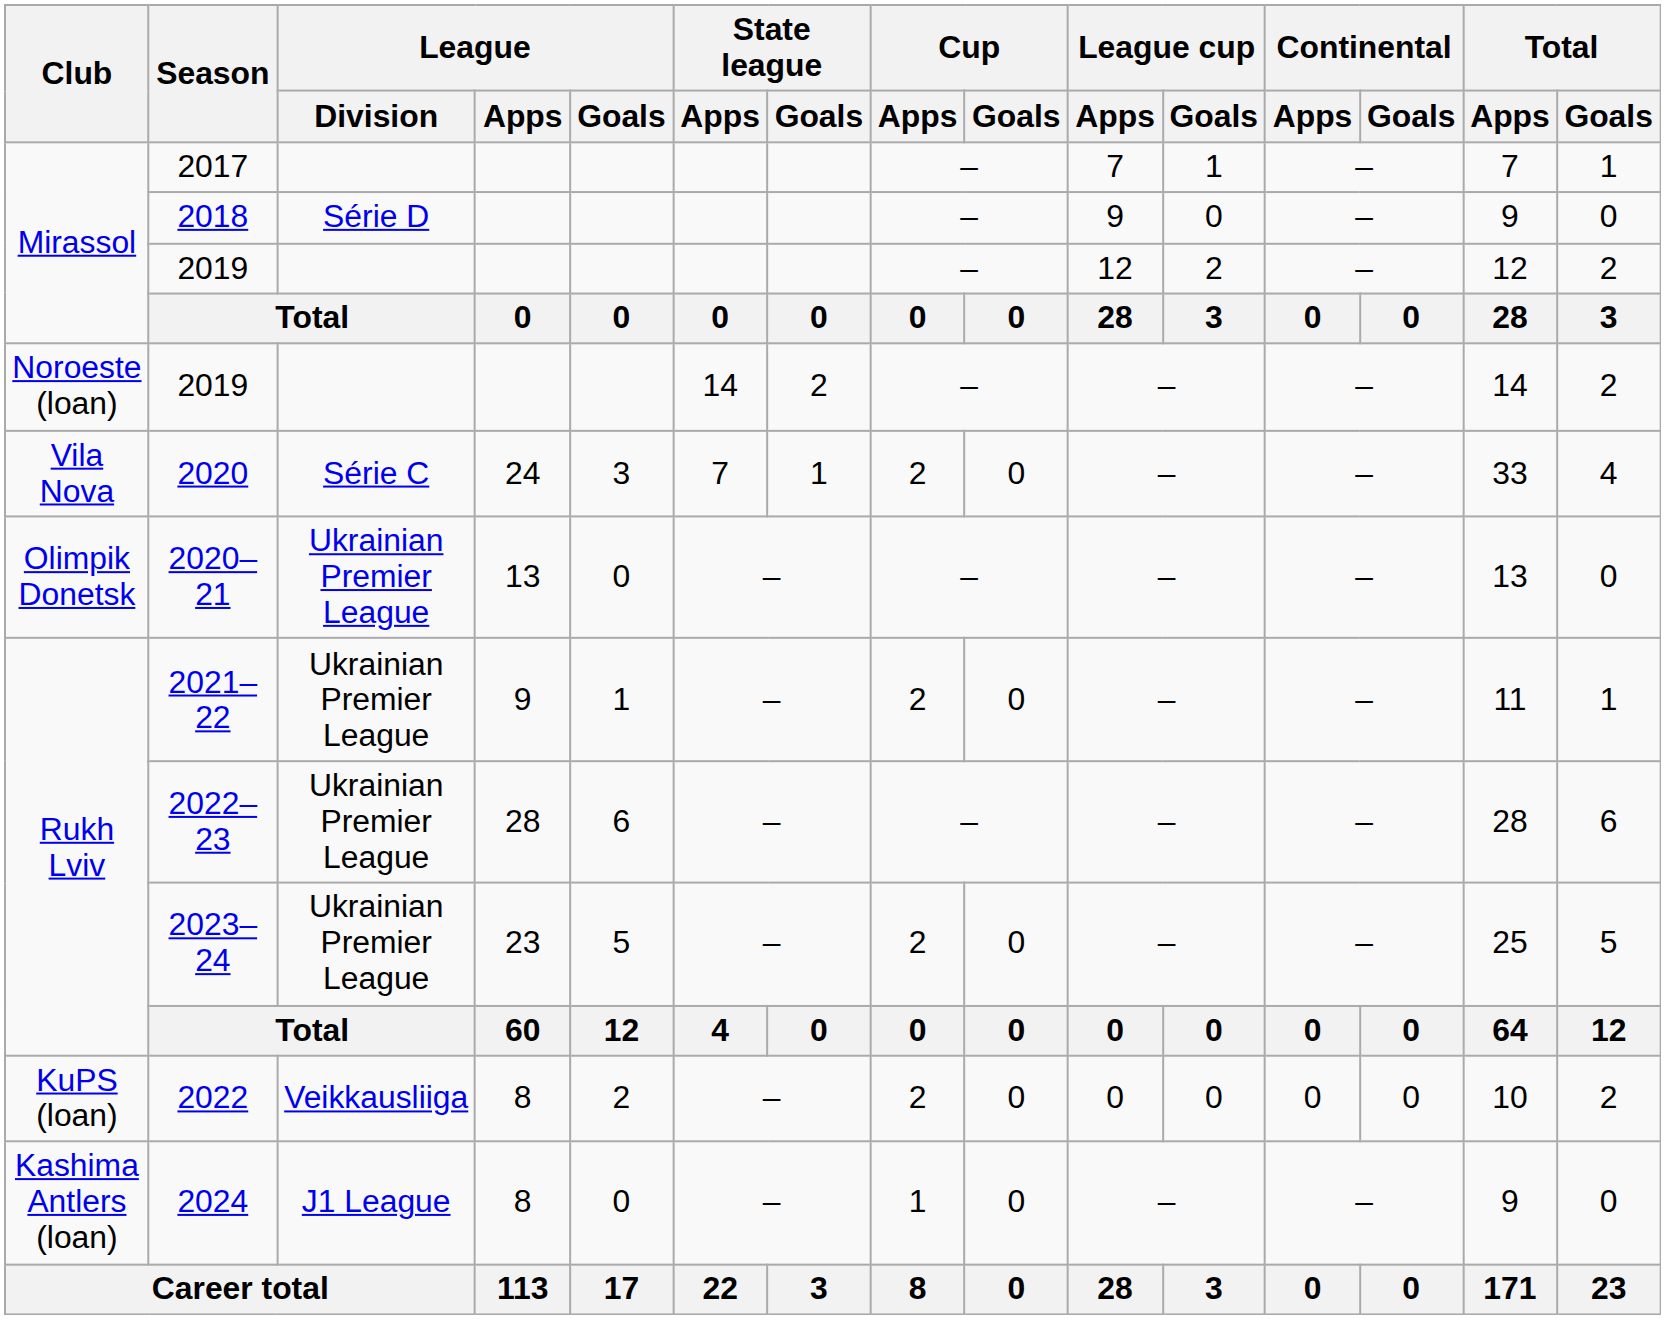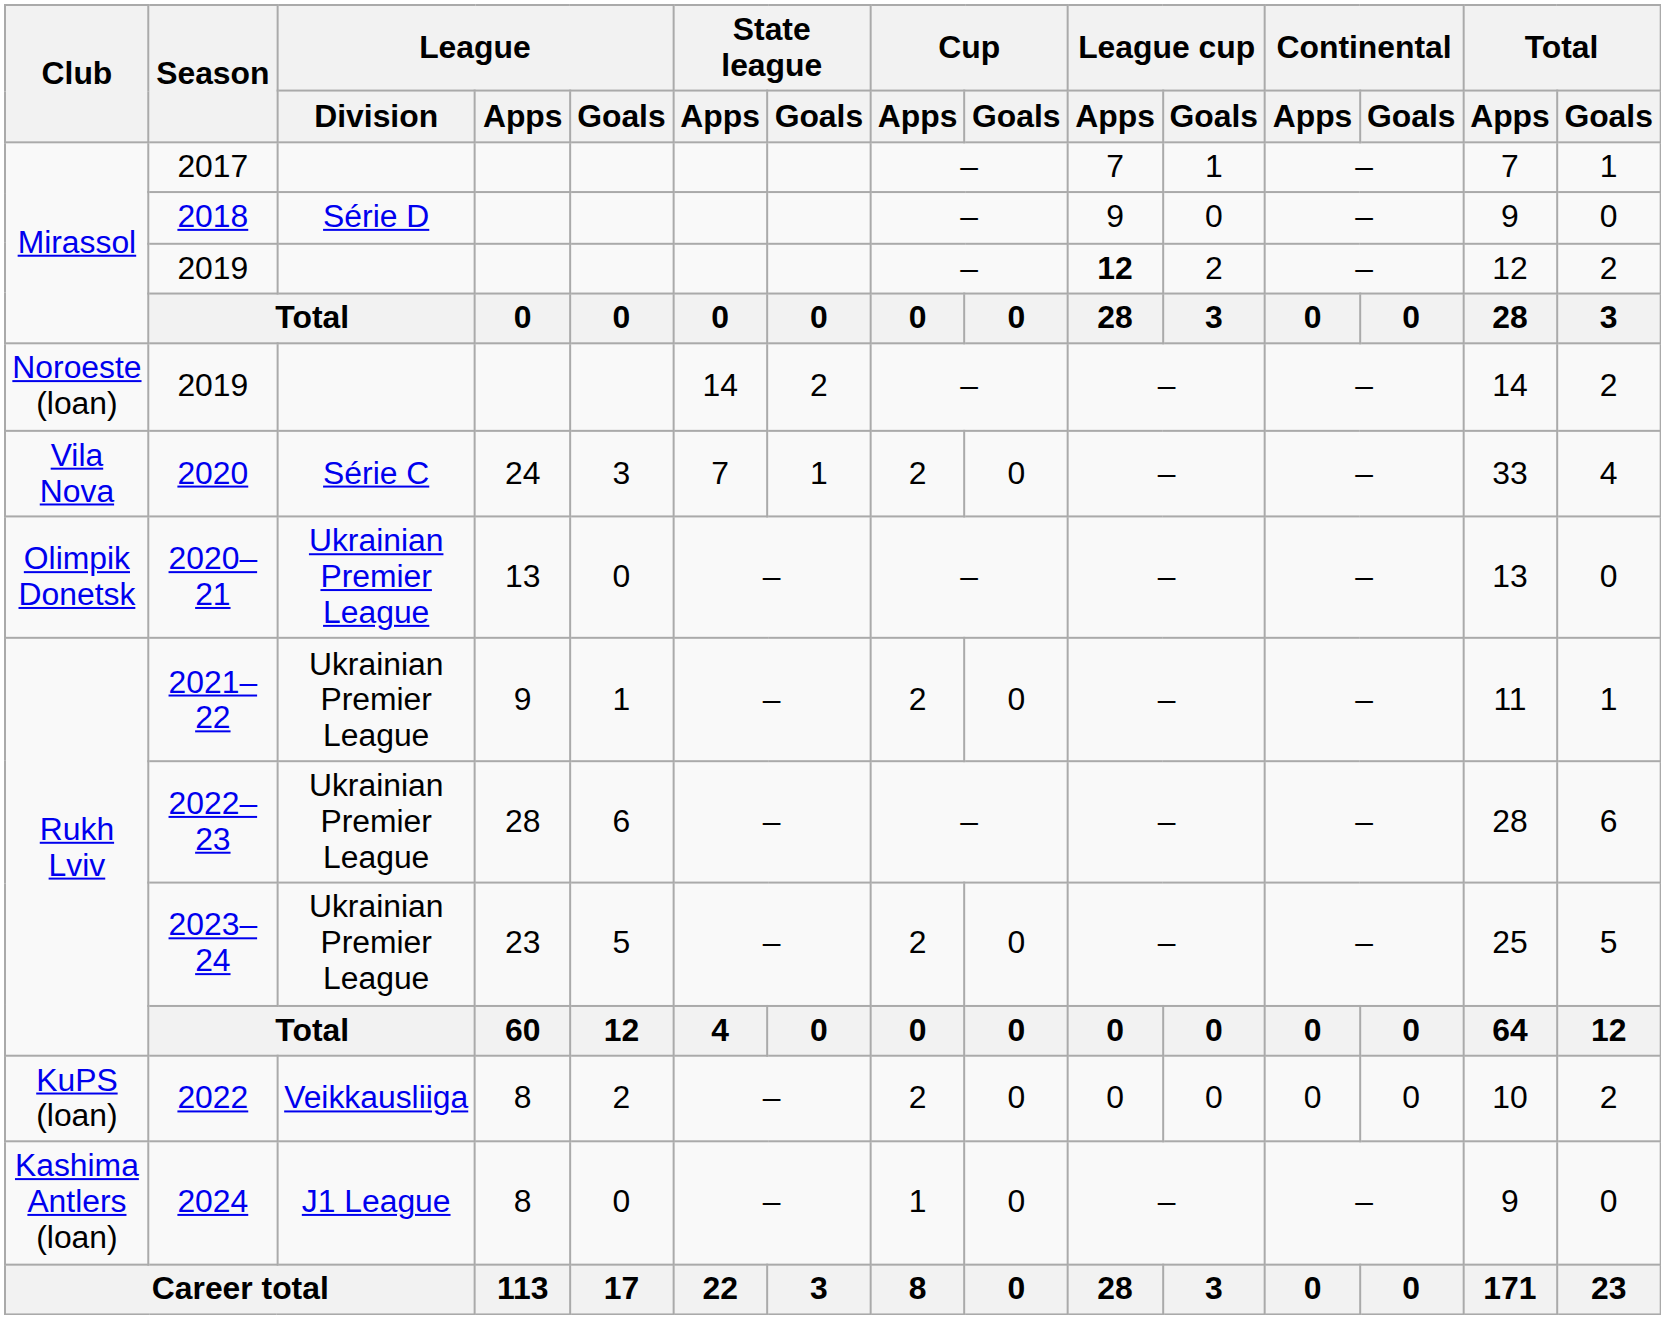 <table class="wikitable" style="text-align:center">
 <tr>
 <th rowspan="2">Club</th>
 <th rowspan="2">Season</th>
 <th colspan="3">League</th>
 <th colspan="2">State league</th>
 <th colspan="2">Cup</th>
 <th colspan="2">League cup</th>
 <th colspan="2">Continental</th>
 <th colspan="2">Total</th>
 </tr>
 <tr>
 <th>Division</th>
 <th>Apps</th>
 <th>Goals</th>
 <th>Apps</th>
 <th>Goals</th>
 <th>Apps</th>
 <th>Goals</th>
 <th>Apps</th>
 <th>Goals</th>
 <th>Apps</th>
 <th>Goals</th>
 <th>Apps</th>
 <th>Goals</th>
 </tr>
 <tr>
 <td rowspan="4"><a href='#'>Mirassol</a></td>
 <td>2017</td>
 <td></td>
 <td></td>
 <td></td>
 <td></td>
 <td></td>
 <td colspan="2">–</td>
 <td>7</td>
 <td>1</td>
 <td colspan="2">–</td>
 <td>7</td>
 <td>1</td>
 </tr>
 <tr>
 <td><a href='#'>2018</a></td>
 <td><a href='#'>Série D</a></td>
 <td></td>
 <td></td>
 <td></td>
 <td></td>
 <td colspan="2">–</td>
 <td>9</td>
 <td>0</td>
 <td colspan="2">–</td>
 <td>9</td>
 <td>0</td>
 </tr>
 <tr>
 <td>2019</td>
 <td></td>
 <td></td>
 <td></td>
 <td></td>
 <td></td>
 <td colspan="2">–</td>
-<td>12</td>
+<td><strong>12</strong></td>
 <td>2</td>
 <td colspan="2">–</td>
 <td>12</td>
 <td>2</td>
 </tr>
 <tr>
 <th colspan="2">Total</th>
 <th>0</th>
 <th>0</th>
 <th>0</th>
 <th>0</th>
 <th>0</th>
 <th>0</th>
 <th>28</th>
 <th>3</th>
 <th>0</th>
 <th>0</th>
 <th>28</th>
 <th>3</th>
 </tr>
 <tr>
 <td><a href='#'>Noroeste</a> (loan)</td>
 <td>2019</td>
 <td></td>
 <td></td>
 <td></td>
 <td>14</td>
 <td>2</td>
 <td colspan="2">–</td>
 <td colspan="2">–</td>
 <td colspan="2">–</td>
 <td>14</td>
 <td>2</td>
 </tr>
 <tr>
 <td><a href='#'>Vila Nova</a></td>
 <td><a href='#'>2020</a></td>
 <td><a href='#'>Série C</a></td>
 <td>24</td>
 <td>3</td>
 <td>7</td>
 <td>1</td>
 <td>2</td>
 <td>0</td>
 <td colspan="2">–</td>
 <td colspan="2">–</td>
 <td>33</td>
 <td>4</td>
 </tr>
 <tr>
 <td><a href='#'>Olimpik Donetsk</a></td>
 <td><a href='#'>2020–21</a></td>
 <td><a href='#'>Ukrainian Premier League</a></td>
 <td>13</td>
 <td>0</td>
 <td colspan="2">–</td>
 <td colspan="2">–</td>
 <td colspan="2">–</td>
 <td colspan="2">–</td>
 <td>13</td>
 <td>0</td>
 </tr>
 <tr>
 <td rowspan="4"><a href='#'>Rukh Lviv</a></td>
 <td><a href='#'>2021–22</a></td>
 <td>Ukrainian Premier League</td>
 <td>9</td>
 <td>1</td>
 <td colspan="2">–</td>
 <td>2</td>
 <td>0</td>
 <td colspan="2">–</td>
 <td colspan="2">–</td>
 <td>11</td>
 <td>1</td>
 </tr>
 <tr>
 <td><a href='#'>2022–23</a></td>
 <td>Ukrainian Premier League</td>
 <td>28</td>
 <td>6</td>
 <td colspan="2">–</td>
 <td colspan="2">–</td>
 <td colspan="2">–</td>
 <td colspan="2">–</td>
 <td>28</td>
 <td>6</td>
 </tr>
 <tr>
 <td><a href='#'>2023–24</a></td>
 <td>Ukrainian Premier League</td>
 <td>23</td>
 <td>5</td>
 <td colspan="2">–</td>
 <td>2</td>
 <td>0</td>
 <td colspan="2">–</td>
 <td colspan="2">–</td>
 <td>25</td>
 <td>5</td>
 </tr>
 <tr>
 <th colspan="2">Total</th>
 <th>60</th>
 <th>12</th>
 <th>4</th>
 <th>0</th>
 <th>0</th>
 <th>0</th>
 <th>0</th>
 <th>0</th>
 <th>0</th>
 <th>0</th>
 <th>64</th>
 <th>12</th>
 </tr>
 <tr>
 <td><a href='#'>KuPS</a> (loan)</td>
 <td><a href='#'>2022</a></td>
 <td><a href='#'>Veikkausliiga</a></td>
 <td>8</td>
 <td>2</td>
 <td colspan="2">–</td>
 <td>2</td>
 <td>0</td>
 <td>0</td>
 <td>0</td>
 <td>0</td>
 <td>0</td>
 <td>10</td>
 <td>2</td>
 </tr>
 <tr>
 <td><a href='#'>Kashima Antlers</a> (loan)</td>
 <td><a href='#'>2024</a></td>
 <td><a href='#'>J1 League</a></td>
 <td>8</td>
 <td>0</td>
 <td colspan="2">–</td>
 <td>1</td>
 <td>0</td>
 <td colspan="2">–</td>
 <td colspan="2">–</td>
 <td>9</td>
 <td>0</td>
 </tr>
 <tr>
 <th colspan="3">Career total</th>
 <th>113</th>
 <th>17</th>
 <th>22</th>
 <th>3</th>
 <th>8</th>
 <th>0</th>
 <th>28</th>
 <th>3</th>
 <th>0</th>
 <th>0</th>
 <th>171</th>
 <th>23</th>
 </tr>
 </table>
